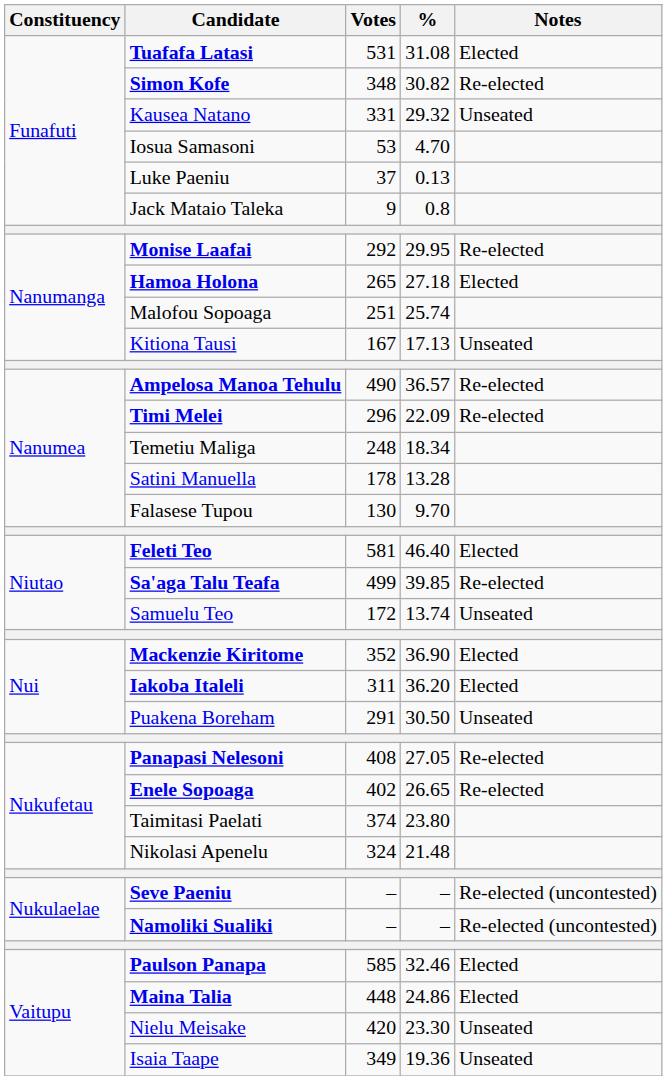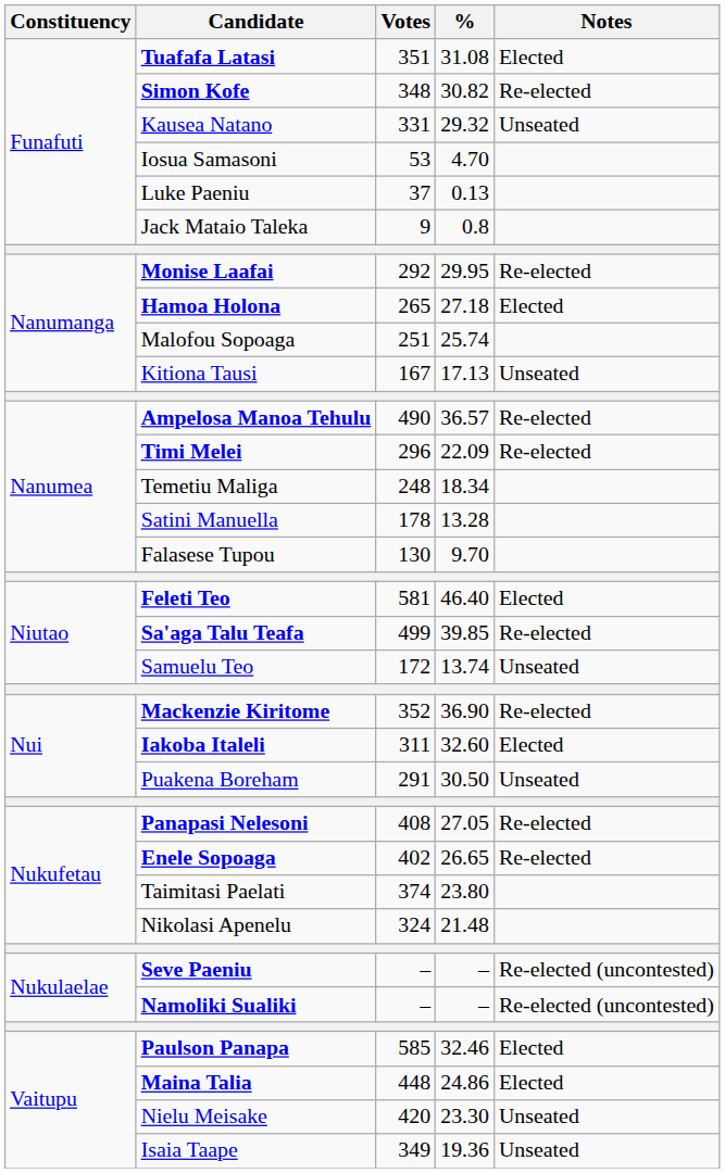 <table class="wikitable">
 <tr>
 <th>Constituency</th>
 <th>Candidate</th>
 <th>Votes</th>
 <th>%</th>
 <th>Notes</th>
 </tr>
 <tr>
 <td rowspan=6><a href='#'>Funafuti</a></td>
 <td><strong><a href='#'>Tuafafa Latasi</a></strong></td>
-<td align="right">531</td>
+<td align="right">351</td>
 <td align=right>31.08</td>
 <td>Elected</td>
 </tr>
 <tr>
 <td><strong><a href='#'>Simon Kofe</a></strong></td>
 <td align="right">348</td>
 <td align=right>30.82</td>
 <td>Re-elected</td>
 </tr>
 <tr>
 <td><a href='#'>Kausea Natano</a></td>
 <td align="right">331</td>
 <td align=right>29.32</td>
 <td>Unseated</td>
 </tr>
 <tr>
 <td>Iosua Samasoni</td>
 <td align="right">53</td>
 <td align="right">4.70</td>
 <td></td>
 </tr>
 <tr>
 <td>Luke Paeniu</td>
 <td align="right">37</td>
 <td align="right">0.13</td>
 <td></td>
 </tr>
 <tr>
 <td>Jack Mataio Taleka</td>
 <td align="right">9</td>
 <td align="right">0.8</td>
 <td></td>
 </tr>
 <tr>
 <th colspan=5></th>
 </tr>
 <tr>
 <td rowspan=4><a href='#'>Nanumanga</a></td>
 <td><strong><a href='#'>Monise Laafai</a></strong></td>
 <td align="right">292</td>
 <td align=right>29.95</td>
 <td>Re-elected</td>
 </tr>
 <tr>
 <td><strong><a href='#'>Hamoa Holona</a></strong></td>
 <td align="right">265</td>
 <td align=right>27.18</td>
 <td>Elected</td>
 </tr>
 <tr>
 <td>Malofou Sopoaga</td>
 <td align="right">251</td>
 <td align=right>25.74</td>
 <td></td>
 </tr>
 <tr>
 <td><a href='#'>Kitiona Tausi</a></td>
 <td align="right">167</td>
 <td align=right>17.13</td>
 <td>Unseated</td>
 </tr>
 <tr>
 <th colspan=5></th>
 </tr>
 <tr>
 <td rowspan=5><a href='#'>Nanumea</a></td>
 <td><strong><a href='#'>Ampelosa Manoa Tehulu</a></strong></td>
 <td align="right">490</td>
 <td align=right>36.57</td>
 <td>Re-elected</td>
 </tr>
 <tr>
 <td><strong><a href='#'>Timi Melei</a></strong></td>
 <td align="right">296</td>
 <td align=right>22.09</td>
 <td>Re-elected</td>
 </tr>
 <tr>
 <td>Temetiu Maliga</td>
 <td align="right">248</td>
 <td align=right>18.34</td>
 <td></td>
 </tr>
 <tr>
 <td><a href='#'>Satini Manuella</a></td>
 <td align="right">178</td>
 <td align=right>13.28</td>
 <td></td>
 </tr>
 <tr>
 <td>Falasese Tupou</td>
 <td align="right">130</td>
 <td align=right>9.70</td>
 <td></td>
 </tr>
 <tr>
 <th colspan=5></th>
 </tr>
 <tr>
 <td rowspan=3><a href='#'>Niutao</a></td>
 <td><strong><a href='#'>Feleti Teo</a></strong></td>
 <td align=right>581</td>
 <td align=right>46.40</td>
 <td>Elected</td>
 </tr>
 <tr>
 <td><strong><a href='#'>Sa'aga Talu Teafa</a></strong></td>
 <td align=right>499</td>
 <td align=right>39.85</td>
 <td>Re-elected</td>
 </tr>
 <tr>
 <td><a href='#'>Samuelu Teo</a></td>
 <td align=right>172</td>
 <td align=right>13.74</td>
 <td>Unseated</td>
 </tr>
 <tr>
 <th colspan=5></th>
 </tr>
 <tr>
 <td rowspan=3><a href='#'>Nui</a></td>
 <td><strong><a href='#'>Mackenzie Kiritome</a></strong></td>
 <td align=right>352</td>
 <td align=right>36.90</td>
-<td>Elected</td>
+<td>Re-elected</td>
 </tr>
 <tr>
 <td><strong><a href='#'>Iakoba Italeli</a></strong></td>
 <td align=right>311</td>
-<td align=right>36.20</td>
+<td align=right>32.60</td>
 <td>Elected</td>
 </tr>
 <tr>
 <td><a href='#'>Puakena Boreham</a></td>
 <td align=right>291</td>
 <td align=right>30.50</td>
 <td>Unseated</td>
 </tr>
 <tr>
 <th colspan=5></th>
 </tr>
 <tr>
 <td rowspan=4><a href='#'>Nukufetau</a></td>
 <td><strong><a href='#'>Panapasi Nelesoni</a></strong></td>
 <td align=right>408</td>
 <td align=right>27.05</td>
 <td>Re-elected</td>
 </tr>
 <tr>
 <td><strong><a href='#'>Enele Sopoaga</a></strong></td>
 <td align=right>402</td>
 <td align=right>26.65</td>
 <td>Re-elected</td>
 </tr>
 <tr>
 <td>Taimitasi Paelati</td>
 <td align=right>374</td>
 <td align=right>23.80</td>
 <td></td>
 </tr>
 <tr>
 <td>Nikolasi Apenelu</td>
 <td align=right>324</td>
 <td align=right>21.48</td>
 <td></td>
 </tr>
 <tr>
 <th colspan=5></th>
 </tr>
 <tr>
 <td rowspan=2><a href='#'>Nukulaelae</a></td>
 <td><strong><a href='#'>Seve Paeniu</a></strong></td>
 <td align=right>–</td>
 <td align=right>–</td>
 <td>Re-elected (uncontested)</td>
 </tr>
 <tr>
 <td><strong><a href='#'>Namoliki Sualiki</a> </strong></td>
 <td align=right>–</td>
 <td align=right>–</td>
 <td>Re-elected (uncontested)</td>
 </tr>
 <tr>
 <th colspan=5></th>
 </tr>
 <tr>
 <td rowspan=4><a href='#'>Vaitupu</a></td>
 <td><strong><a href='#'>Paulson Panapa</a></strong></td>
 <td align=right>585</td>
 <td align=right>32.46</td>
 <td>Elected</td>
 </tr>
 <tr>
 <td><strong><a href='#'>Maina Talia</a></strong></td>
 <td align=right>448</td>
 <td align=right>24.86</td>
 <td>Elected</td>
 </tr>
 <tr>
 <td><a href='#'>Nielu Meisake</a></td>
 <td align=right>420</td>
 <td align=right>23.30</td>
 <td>Unseated</td>
 </tr>
 <tr>
 <td><a href='#'>Isaia Taape</a></td>
 <td align=right>349</td>
 <td align=right>19.36</td>
 <td>Unseated</td>
 </tr>
 </table>
